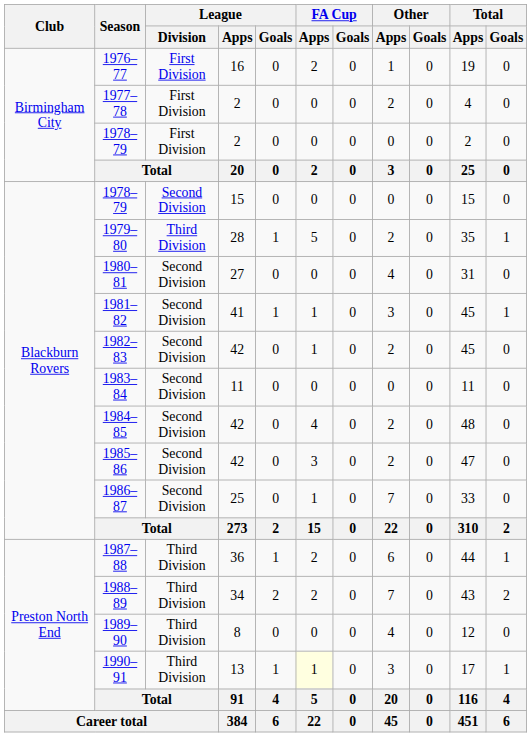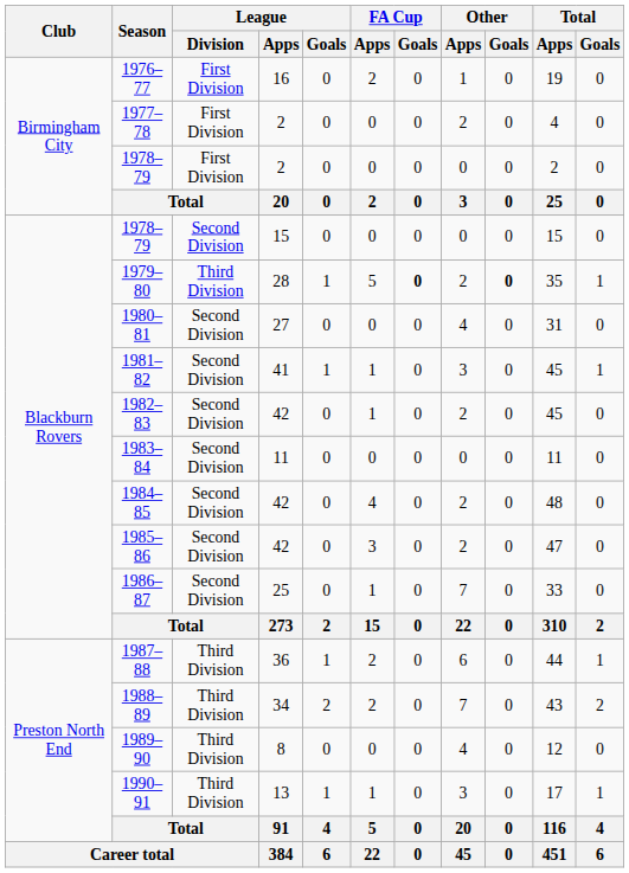 <table class="wikitable" style="text-align:center">
 <tr>
 <th rowspan="2">Club</th>
 <th rowspan="2">Season</th>
 <th colspan="3">League</th>
 <th colspan="2"><a href='#'>FA Cup</a></th>
 <th colspan="2">Other</th>
 <th colspan="2">Total</th>
 </tr>
 <tr>
 <th>Division</th>
 <th>Apps</th>
 <th>Goals</th>
 <th>Apps</th>
 <th>Goals</th>
 <th>Apps</th>
 <th>Goals</th>
 <th>Apps</th>
 <th>Goals</th>
 </tr>
 <tr>
 <td rowspan="4"><a href='#'>Birmingham City</a></td>
 <td><a href='#'>1976–77</a></td>
 <td><a href='#'>First Division</a></td>
 <td>16</td>
 <td>0</td>
 <td>2</td>
 <td>0</td>
 <td>1</td>
 <td>0</td>
 <td>19</td>
 <td>0</td>
 </tr>
 <tr>
 <td><a href='#'>1977–78</a></td>
 <td>First Division</td>
 <td>2</td>
 <td>0</td>
 <td>0</td>
 <td>0</td>
 <td>2</td>
 <td>0</td>
 <td>4</td>
 <td>0</td>
 </tr>
 <tr>
 <td><a href='#'>1978–79</a></td>
 <td>First Division</td>
 <td>2</td>
 <td>0</td>
 <td>0</td>
 <td>0</td>
 <td>0</td>
 <td>0</td>
 <td>2</td>
 <td>0</td>
 </tr>
 <tr>
 <th colspan="2">Total</th>
 <th>20</th>
 <th>0</th>
 <th>2</th>
 <th>0</th>
 <th>3</th>
 <th>0</th>
 <th>25</th>
 <th>0</th>
 </tr>
 <tr>
 <td rowspan="10"><a href='#'>Blackburn Rovers</a></td>
 <td><a href='#'>1978–79</a></td>
 <td><a href='#'>Second Division</a></td>
 <td>15</td>
 <td>0</td>
 <td>0</td>
 <td>0</td>
 <td>0</td>
 <td>0</td>
 <td>15</td>
 <td>0</td>
 </tr>
 <tr>
 <td><a href='#'>1979–80</a></td>
 <td><a href='#'>Third Division</a></td>
 <td>28</td>
 <td>1</td>
 <td>5</td>
-<td>0</td>
+<td><strong>0</strong></td>
 <td>2</td>
-<td>0</td>
+<td><strong>0</strong></td>
 <td>35</td>
 <td>1</td>
 </tr>
 <tr>
 <td><a href='#'>1980–81</a></td>
 <td>Second Division</td>
 <td>27</td>
 <td>0</td>
 <td>0</td>
 <td>0</td>
 <td>4</td>
 <td>0</td>
 <td>31</td>
 <td>0</td>
 </tr>
 <tr>
 <td><a href='#'>1981–82</a></td>
 <td>Second Division</td>
 <td>41</td>
 <td>1</td>
 <td>1</td>
 <td>0</td>
 <td>3</td>
 <td>0</td>
 <td>45</td>
 <td>1</td>
 </tr>
 <tr>
 <td><a href='#'>1982–83</a></td>
 <td>Second Division</td>
 <td>42</td>
 <td>0</td>
 <td>1</td>
 <td>0</td>
 <td>2</td>
 <td>0</td>
 <td>45</td>
 <td>0</td>
 </tr>
 <tr>
 <td><a href='#'>1983–84</a></td>
 <td>Second Division</td>
 <td>11</td>
 <td>0</td>
 <td>0</td>
 <td>0</td>
 <td>0</td>
 <td>0</td>
 <td>11</td>
 <td>0</td>
 </tr>
 <tr>
 <td><a href='#'>1984–85</a></td>
 <td>Second Division</td>
 <td>42</td>
 <td>0</td>
 <td>4</td>
 <td>0</td>
 <td>2</td>
 <td>0</td>
 <td>48</td>
 <td>0</td>
 </tr>
 <tr>
 <td><a href='#'>1985–86</a></td>
 <td>Second Division</td>
 <td>42</td>
 <td>0</td>
 <td>3</td>
 <td>0</td>
 <td>2</td>
 <td>0</td>
 <td>47</td>
 <td>0</td>
 </tr>
 <tr>
 <td><a href='#'>1986–87</a></td>
 <td>Second Division</td>
 <td>25</td>
 <td>0</td>
 <td>1</td>
 <td>0</td>
 <td>7</td>
 <td>0</td>
 <td>33</td>
 <td>0</td>
 </tr>
 <tr>
 <th colspan="2">Total</th>
 <th>273</th>
 <th>2</th>
 <th>15</th>
 <th>0</th>
 <th>22</th>
 <th>0</th>
 <th>310</th>
 <th>2</th>
 </tr>
 <tr>
 <td rowspan="5"><a href='#'>Preston North End</a></td>
 <td><a href='#'>1987–88</a></td>
 <td>Third Division</td>
 <td>36</td>
 <td>1</td>
 <td>2</td>
 <td>0</td>
 <td>6</td>
 <td>0</td>
 <td>44</td>
 <td>1</td>
 </tr>
 <tr>
 <td><a href='#'>1988–89</a></td>
 <td>Third Division</td>
 <td>34</td>
 <td>2</td>
 <td>2</td>
 <td>0</td>
 <td>7</td>
 <td>0</td>
 <td>43</td>
 <td>2</td>
 </tr>
 <tr>
 <td><a href='#'>1989–90</a></td>
 <td>Third Division</td>
 <td>8</td>
 <td>0</td>
 <td>0</td>
 <td>0</td>
 <td>4</td>
 <td>0</td>
 <td>12</td>
 <td>0</td>
 </tr>
 <tr>
 <td><a href='#'>1990–91</a></td>
 <td>Third Division</td>
 <td>13</td>
 <td>1</td>
-<td style="background: lightyellow;">1</td>
+<td>1</td>
 <td>0</td>
 <td>3</td>
 <td>0</td>
 <td>17</td>
 <td>1</td>
 </tr>
 <tr>
 <th colspan="2">Total</th>
 <th>91</th>
 <th>4</th>
 <th>5</th>
 <th>0</th>
 <th>20</th>
 <th>0</th>
 <th>116</th>
 <th>4</th>
 </tr>
 <tr>
 <th colspan="3">Career total</th>
 <th>384</th>
 <th>6</th>
 <th>22</th>
 <th>0</th>
 <th>45</th>
 <th>0</th>
 <th>451</th>
 <th>6</th>
 </tr>
 </table>
